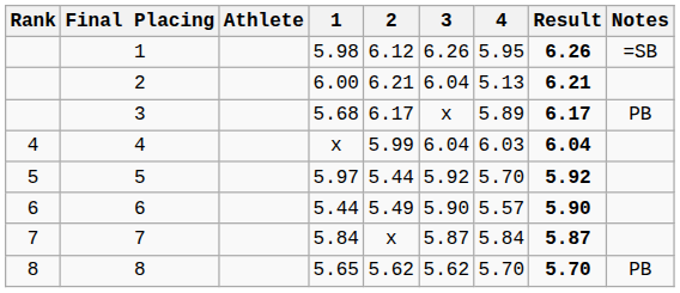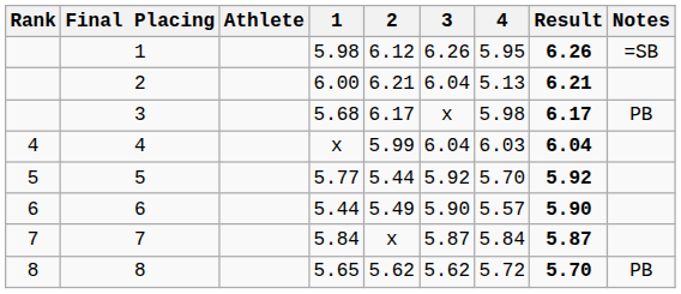 <table class="wikitable sortable" style="text-align:center">
 <tr>
 <th>Rank</th>
 <th>Final Placing</th>
 <th>Athlete</th>
 <th>1</th>
 <th>2</th>
 <th>3</th>
 <th>4</th>
 <th>Result</th>
 <th>Notes</th>
 </tr>
 <tr>
 <td></td>
 <td>1</td>
 <td align=left></td>
 <td>5.98</td>
 <td>6.12</td>
 <td>6.26</td>
 <td>5.95</td>
 <td><strong>6.26</strong></td>
 <td>=SB</td>
 </tr>
 <tr>
 <td></td>
 <td>2</td>
 <td align=left></td>
 <td>6.00</td>
 <td>6.21</td>
 <td>6.04</td>
 <td>5.13</td>
 <td><strong>6.21</strong></td>
 <td></td>
 </tr>
 <tr>
 <td></td>
 <td>3</td>
 <td align=left></td>
 <td>5.68</td>
 <td>6.17</td>
 <td>x</td>
-<td>5.89</td>
+<td>5.98</td>
 <td><strong>6.17</strong></td>
 <td>PB</td>
 </tr>
 <tr>
 <td>4</td>
 <td>4</td>
 <td align=left></td>
 <td>x</td>
 <td>5.99</td>
 <td>6.04</td>
 <td>6.03</td>
 <td><strong>6.04</strong></td>
 <td></td>
 </tr>
 <tr>
 <td>5</td>
 <td>5</td>
 <td align=left></td>
-<td>5.97</td>
+<td>5.77</td>
 <td>5.44</td>
 <td>5.92</td>
 <td>5.70</td>
 <td><strong>5.92</strong></td>
 <td></td>
 </tr>
 <tr>
 <td>6</td>
 <td>6</td>
 <td align=left></td>
 <td>5.44</td>
 <td>5.49</td>
 <td>5.90</td>
 <td>5.57</td>
 <td><strong>5.90</strong></td>
 <td></td>
 </tr>
 <tr>
 <td>7</td>
 <td>7</td>
 <td align=left></td>
 <td>5.84</td>
 <td>x</td>
 <td>5.87</td>
 <td>5.84</td>
 <td><strong>5.87</strong></td>
 <td></td>
 </tr>
 <tr>
 <td>8</td>
 <td>8</td>
 <td align=left></td>
 <td>5.65</td>
 <td>5.62</td>
 <td>5.62</td>
-<td>5.70</td>
+<td>5.72</td>
 <td><strong>5.70</strong></td>
 <td>PB</td>
 </tr>
 </table>
